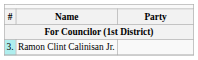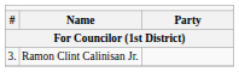 <table class=wikitable style="font-size:90%">
 <tr>
 <td colspan=5 bgcolor=></td>
 </tr>
 <tr>
 <th>#</th>
 <th width=150px>Name</th>
 <th colspan=2 width=110px>Party</th>
 </tr>
 <tr>
 <th colspan=5>For Councilor (1st District)</th>
 </tr>
 <tr>
-<td style="background: paleturquoise;">3.</td>
+<td>3.</td>
 <td>Ramon Clint Calinisan Jr.</td>
 <td></td>
 </tr>
 <tr>
 </tr>
 </table>
